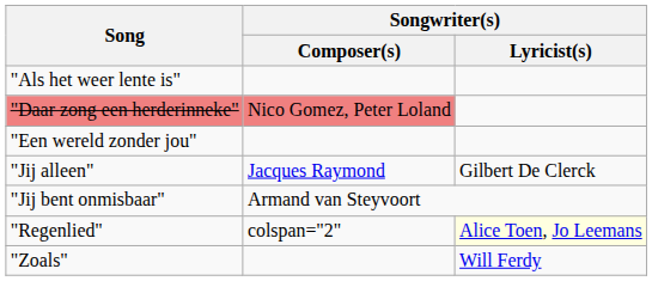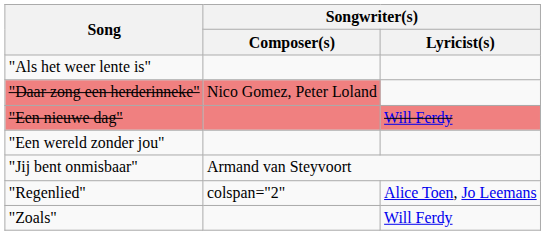 <table class="sortable wikitable" style="margin: 1em auto 1em auto">
 <tr>
 <th rowspan="2">Song</th>
 <th colspan="2">Songwriter(s)</th>
 </tr>
 <tr>
 <th>Composer(s)</th>
 <th>Lyricist(s)</th>
 </tr>
 <tr>
 <td>"Als het weer lente is"</td>
 <td></td>
 <td></td>
 </tr>
 <tr bgcolor="#F08080">
 <td><s>"Daar zong een herderinneke"</s></td>
 <td>Nico Gomez, Peter Loland</td>
 </tr>
+<tr bgcolor="#F08080">
+<td><s>"Een nieuwe dag"</s></td>
+<td><s></s></td>
+<td><s><a href='#'>Will Ferdy</a></s></td>
+</tr>
 <tr>
 <td>"Een wereld zonder jou"</td>
 <td></td>
 <td></td>
-</tr>
-<tr>
-<td>"Jij alleen"</td>
-<td><a href='#'>Jacques Raymond</a></td>
-<td>Gilbert De Clerck</td>
 </tr>
 <tr>
 <td>"Jij bent onmisbaar"</td>
 <td colspan="2">Armand van Steyvoort</td>
 </tr>
 <tr>
 <td>"Regenlied"</td>
 <td>colspan="2" </td>
-<td style="background: lightyellow;"><a href='#'>Alice Toen</a>, <a href='#'>Jo Leemans</a></td>
+<td><a href='#'>Alice Toen</a>, <a href='#'>Jo Leemans</a></td>
 </tr>
 <tr>
 <td>"Zoals"</td>
 <td></td>
 <td><a href='#'>Will Ferdy</a></td>
 </tr>
 </table>
